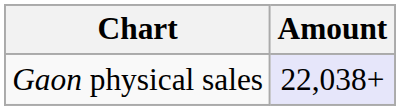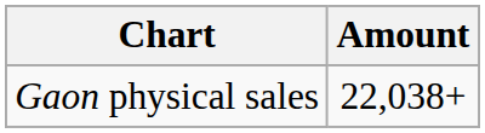 <table class="wikitable">
 <tr>
 <th>Chart</th>
 <th>Amount</th>
 </tr>
 <tr>
 <td><em>Gaon</em> physical sales</td>
-<td align="center" style="background: lavender;">22,038+</td>
+<td align="center">22,038+</td>
 </tr>
 </table>
